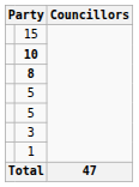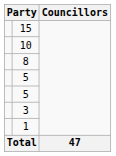 <table class="wikitable">
 <tr>
 <th colspan=2>Party</th>
 <th>Councillors</th>
 </tr>
 <tr>
 <td></td>
 <td align=center>15</td>
 </tr>
 <tr>
 <td></td>
-<td align=center><strong>10</strong></td>
+<td align=center>10</td>
 </tr>
 <tr>
 <td></td>
-<td align=center><strong>8</strong></td>
+<td align=center>8</td>
 </tr>
 <tr>
 <td></td>
 <td align=center>5</td>
 </tr>
 <tr>
 <td></td>
 <td align=center>5</td>
 </tr>
 <tr>
 <td></td>
 <td align=center>3</td>
 </tr>
 <tr>
 <td></td>
 <td align=center>1</td>
 </tr>
 <tr>
 <th colspan=2>Total</th>
 <th align=center>47</th>
 </tr>
 </table>
